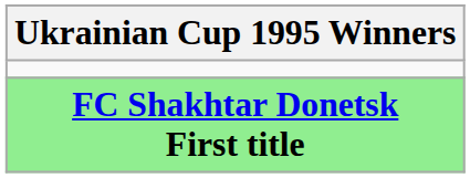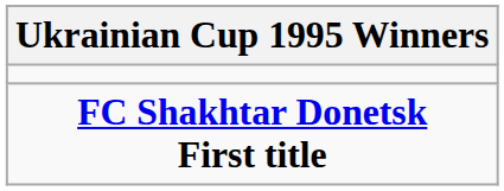 <table class="wikitable" style="text-align: center; margin: 0 auto;">
 <tr>
 <th>Ukrainian Cup 1995 Winners</th>
 </tr>
 <tr>
 <td></td>
 </tr>
 <tr>
-<td style="background: lightgreen;"><strong><a href='#'>FC Shakhtar Donetsk</a></strong><br><strong>First title</strong></td>
+<td><strong><a href='#'>FC Shakhtar Donetsk</a></strong><br><strong>First title</strong></td>
 </tr>
 </table>
